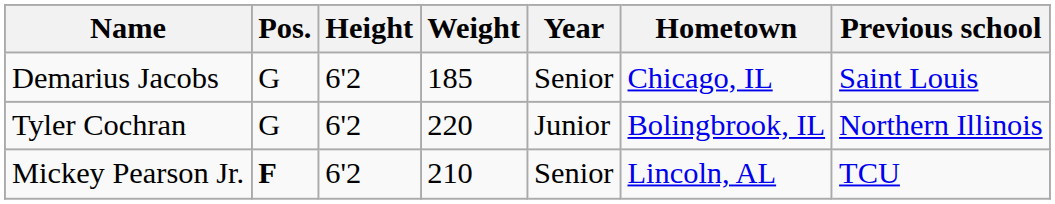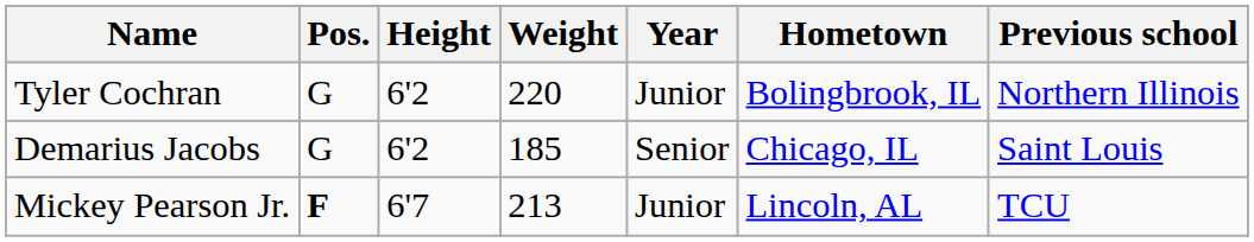 <table class="wikitable sortable" border="1">
 <tr align=center>
 <th>Name</th>
 <th>Pos.</th>
 <th>Height</th>
 <th>Weight</th>
 <th>Year</th>
 <th>Hometown</th>
 <th>Previous school</th>
 </tr>
 <tr>
+<td>Tyler Cochran</td>
+<td>G</td>
+<td>6'2</td>
+<td>220</td>
+<td>Junior</td>
+<td><a href='#'>Bolingbrook, IL</a></td>
+<td><a href='#'>Northern Illinois</a></td>
+</tr>
+<tr>
 <td>Demarius Jacobs</td>
 <td>G</td>
 <td>6'2</td>
 <td>185</td>
 <td>Senior</td>
 <td><a href='#'>Chicago, IL</a></td>
 <td><a href='#'>Saint Louis</a></td>
 </tr>
 <tr>
-<td>Tyler Cochran</td>
-<td>G</td>
-<td>6'2</td>
-<td>220</td>
-<td>Junior</td>
-<td><a href='#'>Bolingbrook, IL</a></td>
-<td><a href='#'>Northern Illinois</a></td>
-</tr>
-<tr>
 <td>Mickey Pearson Jr.</td>
 <td><strong>F</strong></td>
-<td>6'2</td>
-<td>210</td>
-<td>Senior</td>
+<td>6'7</td>
+<td>213</td>
+<td>Junior</td>
 <td><a href='#'>Lincoln, AL</a></td>
 <td><a href='#'>TCU</a></td>
 </tr>
 </table>
